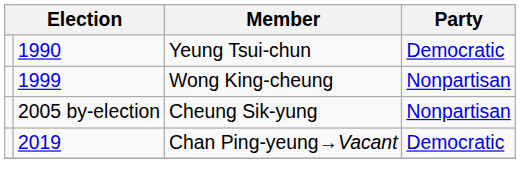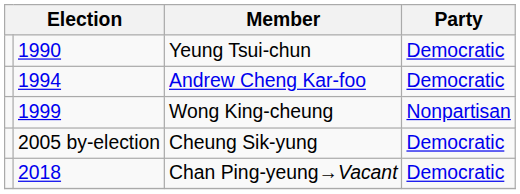 <table class="wikitable">
 <tr>
 <th colspan="2">Election</th>
 <th>Member</th>
 <th>Party</th>
 </tr>
 <tr>
 <td style="background-color: "></td>
 <td><a href='#'>1990</a></td>
 <td>Yeung Tsui-chun</td>
 <td><a href='#'>Democratic</a></td>
 </tr>
 <tr>
 <td style="background-color: "></td>
+<td><a href='#'>1994</a></td>
+<td><a href='#'>Andrew Cheng Kar-foo</a></td>
+<td><a href='#'>Democratic</a></td>
+</tr>
+<tr>
+<td style="background-color: "></td>
 <td><a href='#'>1999</a></td>
 <td>Wong King-cheung</td>
 <td><a href='#'>Nonpartisan</a></td>
 </tr>
 <tr>
 <td style="background-color: "></td>
 <td>2005 by-election</td>
 <td>Cheung Sik-yung</td>
-<td><a href='#'>Nonpartisan</a></td>
+<td><a href='#'>Democratic</a></td>
 </tr>
 <tr>
 <td style="background-color: "></td>
-<td><a href='#'>2019</a></td>
+<td><a href='#'>2018</a></td>
 <td>Chan Ping-yeung→<em>Vacant</em></td>
 <td><a href='#'>Democratic</a></td>
 </tr>
 <tr>
 </tr>
 </table>
